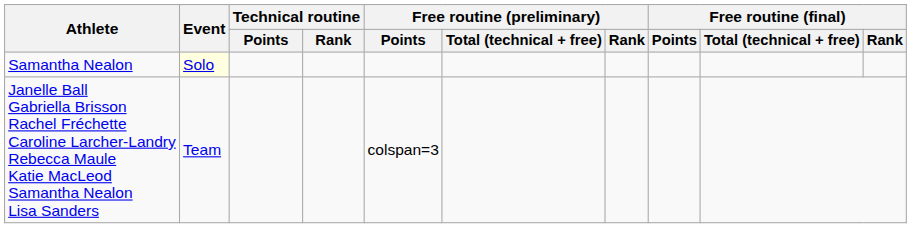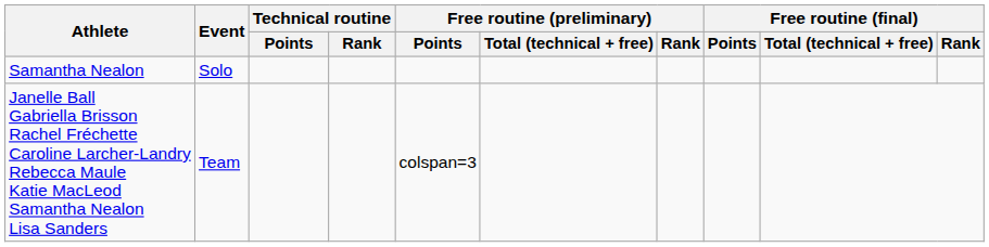 <table class="wikitable" style="font-size:90%;">
 <tr>
 <th rowspan=2>Athlete</th>
 <th rowspan=2>Event</th>
 <th colspan=2>Technical routine</th>
 <th colspan=3>Free routine (preliminary)</th>
 <th colspan=3>Free routine (final)</th>
 </tr>
 <tr style="font-size:95%">
 <th>Points</th>
 <th>Rank</th>
 <th>Points</th>
 <th>Total (technical + free)</th>
 <th>Rank</th>
 <th>Points</th>
 <th>Total (technical + free)</th>
 <th>Rank</th>
 </tr>
 <tr align=center>
 <td align=left><a href='#'>Samantha Nealon</a></td>
-<td align=left style="background: lightyellow;"><a href='#'>Solo</a></td>
+<td align=left><a href='#'>Solo</a></td>
 <td></td>
 <td></td>
 <td></td>
 <td></td>
 <td></td>
 <td></td>
 <td></td>
 <td></td>
 </tr>
 <tr align=center>
 <td align=left><a href='#'>Janelle Ball</a> <br> <a href='#'>Gabriella Brisson</a> <br> <a href='#'>Rachel Fréchette</a> <br> <a href='#'>Caroline Larcher-Landry</a> <br> <a href='#'>Rebecca Maule</a> <br> <a href='#'>Katie MacLeod</a> <br> <a href='#'>Samantha Nealon</a> <br> <a href='#'>Lisa Sanders</a></td>
 <td align=left><a href='#'>Team</a></td>
 <td></td>
 <td></td>
 <td>colspan=3 </td>
 <td></td>
 <td></td>
 <td></td>
 </tr>
 </table>
